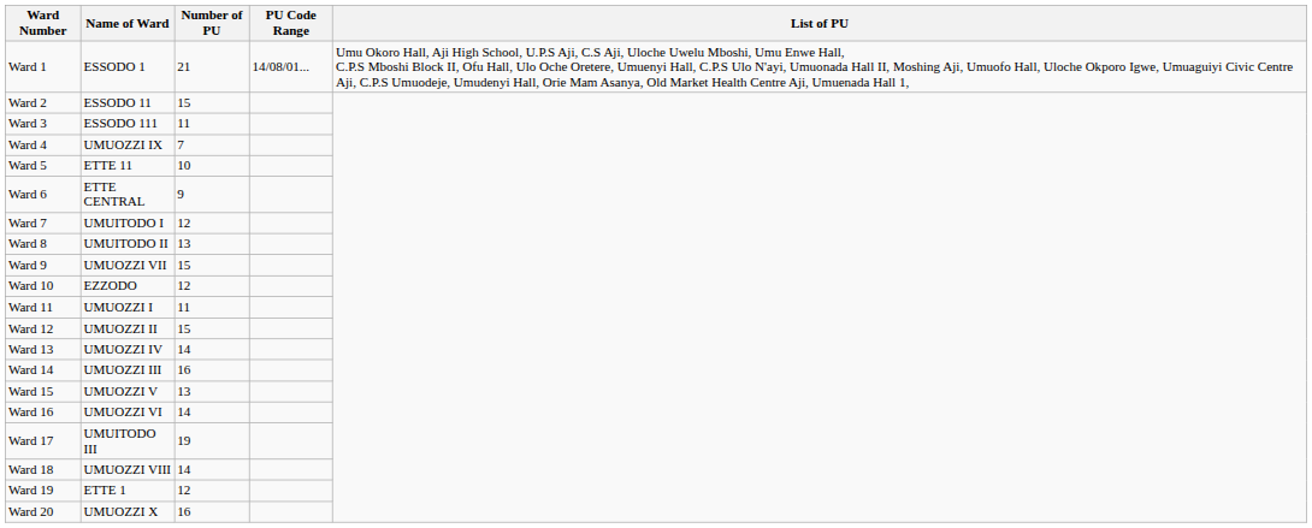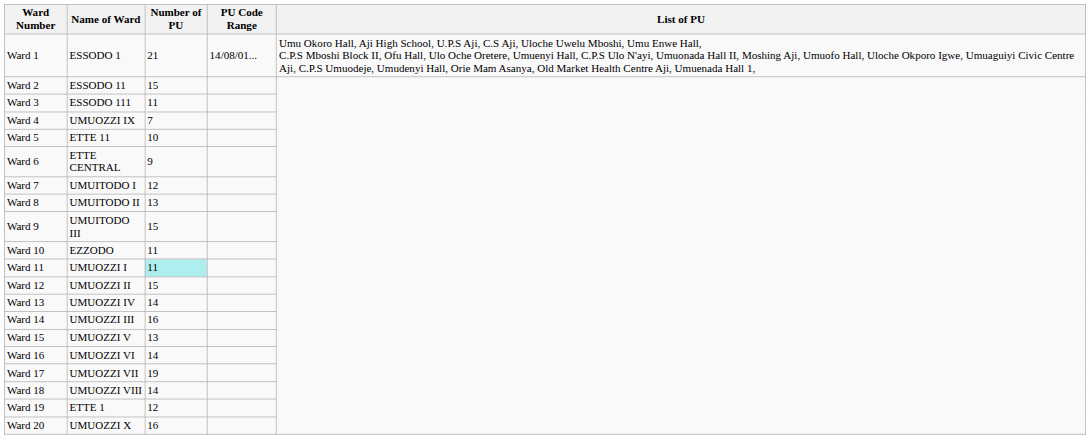 <table class="wikitable sortable">
 <tr>
 <th>Ward Number</th>
 <th>Name of Ward</th>
 <th>Number of PU</th>
 <th>PU Code Range</th>
 <th>List of PU</th>
 </tr>
 <tr>
 <td>Ward 1</td>
 <td>ESSODO 1</td>
 <td>21</td>
 <td>14/08/01...</td>
 <td>Umu Okoro Hall, Aji High School, U.P.S Aji, C.S Aji, Uloche Uwelu Mboshi, Umu Enwe Hall,<br>C.P.S Mboshi Block II, Ofu Hall, Ulo Oche Oretere, Umuenyi Hall, C.P.S Ulo N'ayi, Umuonada Hall II, Moshing Aji, Umuofo Hall, Uloche Okporo Igwe, Umuaguiyi Civic Centre Aji, C.P.S Umuodeje, Umudenyi Hall, Orie Mam Asanya, Old Market Health Centre Aji, Umuenada Hall 1,</td>
 </tr>
 <tr>
 <td>Ward 2</td>
 <td>ESSODO 11</td>
 <td>15</td>
 <td></td>
 </tr>
 <tr>
 <td>Ward 3</td>
 <td>ESSODO 111</td>
 <td>11</td>
 <td></td>
 </tr>
 <tr>
 <td>Ward 4</td>
 <td>UMUOZZI IX</td>
 <td>7</td>
 <td></td>
 </tr>
 <tr>
 <td>Ward 5</td>
 <td>ETTE 11</td>
 <td>10</td>
 <td></td>
 </tr>
 <tr>
 <td>Ward 6</td>
 <td>ETTE CENTRAL</td>
 <td>9</td>
 <td></td>
 </tr>
 <tr>
 <td>Ward 7</td>
 <td>UMUITODO I</td>
 <td>12</td>
 <td></td>
 </tr>
 <tr>
 <td>Ward 8</td>
 <td>UMUITODO II</td>
 <td>13</td>
 <td></td>
 </tr>
 <tr>
 <td>Ward 9</td>
-<td>UMUOZZI VII</td>
+<td>UMUITODO III</td>
 <td>15</td>
 <td></td>
 </tr>
 <tr>
 <td>Ward 10</td>
 <td>EZZODO</td>
-<td>12</td>
+<td>11</td>
 <td></td>
 </tr>
 <tr>
 <td>Ward 11</td>
 <td>UMUOZZI I</td>
-<td>11</td>
+<td style="background: paleturquoise;">11</td>
 <td></td>
 </tr>
 <tr>
 <td>Ward 12</td>
 <td>UMUOZZI II</td>
 <td>15</td>
 <td></td>
 </tr>
 <tr>
 <td>Ward 13</td>
 <td>UMUOZZI IV</td>
 <td>14</td>
 <td></td>
 </tr>
 <tr>
 <td>Ward 14</td>
 <td>UMUOZZI III</td>
 <td>16</td>
 <td></td>
 </tr>
 <tr>
 <td>Ward 15</td>
 <td>UMUOZZI V</td>
 <td>13</td>
 <td></td>
 </tr>
 <tr>
 <td>Ward 16</td>
 <td>UMUOZZI VI</td>
 <td>14</td>
 <td></td>
 </tr>
 <tr>
 <td>Ward 17</td>
-<td>UMUITODO III</td>
+<td>UMUOZZI VII</td>
 <td>19</td>
 <td></td>
 </tr>
 <tr>
 <td>Ward 18</td>
 <td>UMUOZZI VIII</td>
 <td>14</td>
 <td></td>
 </tr>
 <tr>
 <td>Ward 19</td>
 <td>ETTE 1</td>
 <td>12</td>
 <td></td>
 </tr>
 <tr>
 <td>Ward 20</td>
 <td>UMUOZZI X</td>
 <td>16</td>
 <td></td>
 </tr>
 </table>
